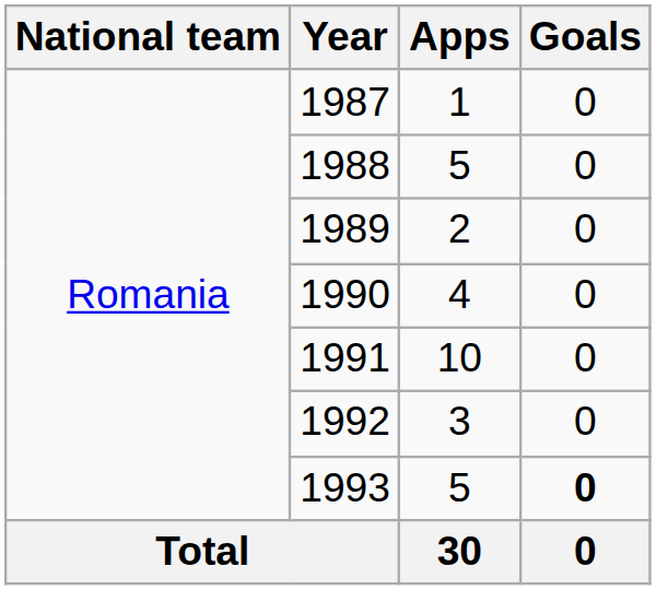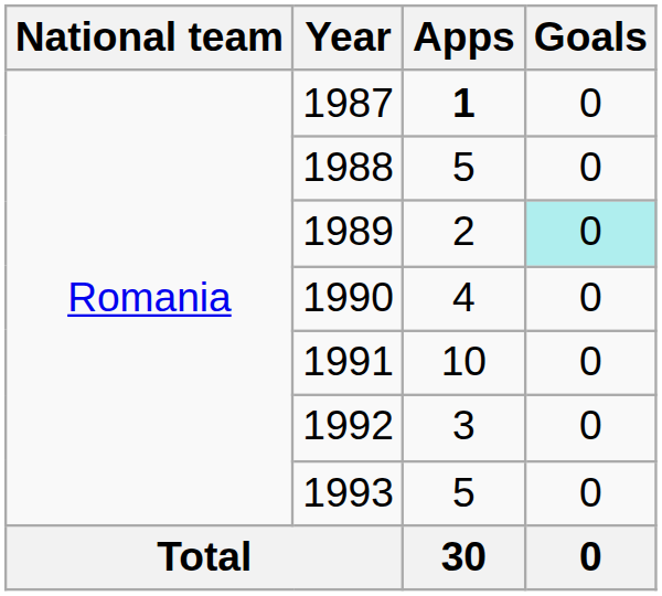 <table class="wikitable" style="text-align:center">
 <tr>
 <th>National team</th>
 <th>Year</th>
 <th>Apps</th>
 <th>Goals</th>
 </tr>
 <tr>
 <td rowspan="7"><a href='#'>Romania</a></td>
 <td>1987</td>
-<td>1</td>
+<td><strong>1</strong></td>
 <td>0</td>
 </tr>
 <tr>
 <td>1988</td>
 <td>5</td>
 <td>0</td>
 </tr>
 <tr>
 <td>1989</td>
 <td>2</td>
-<td>0</td>
+<td style="background: paleturquoise;">0</td>
 </tr>
 <tr>
 <td>1990</td>
 <td>4</td>
 <td>0</td>
 </tr>
 <tr>
 <td>1991</td>
 <td>10</td>
 <td>0</td>
 </tr>
 <tr>
 <td>1992</td>
 <td>3</td>
 <td>0</td>
 </tr>
 <tr>
 <td>1993</td>
 <td>5</td>
-<td><strong>0</strong></td>
+<td>0</td>
 </tr>
 <tr>
 <th colspan="2">Total</th>
 <th>30</th>
 <th>0</th>
 </tr>
 </table>
